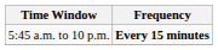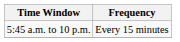 <table class="wikitable" border="1">
 <tr>
 <th>Time Window</th>
 <th>Frequency</th>
 </tr>
 <tr>
 <td>5:45 a.m. to 10 p.m.</td>
-<td><strong>Every 15 minutes</strong></td>
+<td>Every 15 minutes</td>
 </tr>
 <tr>
 </tr>
 </table>
